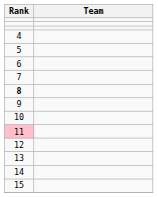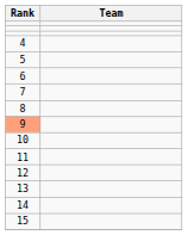 <table class="wikitable" style="text-align: center;">
 <tr>
 <th width=40>Rank</th>
 <th width=180>Team</th>
 </tr>
 <tr align=center>
 <td></td>
 <td style="text-align:left;"></td>
 </tr>
 <tr align=center>
 <td></td>
 <td style="text-align:left;"></td>
 </tr>
 <tr align=center>
 <td></td>
 <td style="text-align:left;"></td>
 </tr>
 <tr align=center>
 <td>4</td>
 <td style="text-align:left;"></td>
 </tr>
 <tr align=center>
 <td>5</td>
 <td style="text-align:left;"></td>
 </tr>
 <tr align=center>
 <td>6</td>
 <td style="text-align:left;"></td>
 </tr>
 <tr align=center>
 <td>7</td>
 <td style="text-align:left;"></td>
 </tr>
 <tr align=center>
-<td><strong>8</strong></td>
+<td>8</td>
 <td style="text-align:left;"></td>
 </tr>
 <tr align=center>
-<td>9</td>
+<td style="background: lightsalmon;">9</td>
 <td style="text-align:left;"></td>
 </tr>
 <tr align=center>
 <td>10</td>
 <td style="text-align:left;"></td>
 </tr>
 <tr align=center>
-<td style="background: pink;">11</td>
+<td>11</td>
 <td style="text-align:left;"></td>
 </tr>
 <tr align=center>
 <td>12</td>
 <td style="text-align:left;"></td>
 </tr>
 <tr align=center>
 <td>13</td>
 <td style="text-align:left;"></td>
 </tr>
 <tr align=center>
 <td>14</td>
 <td style="text-align:left;"></td>
 </tr>
 <tr align=center>
 <td>15</td>
 <td style="text-align:left;"></td>
 </tr>
 <tr align=center>
 </tr>
 </table>
